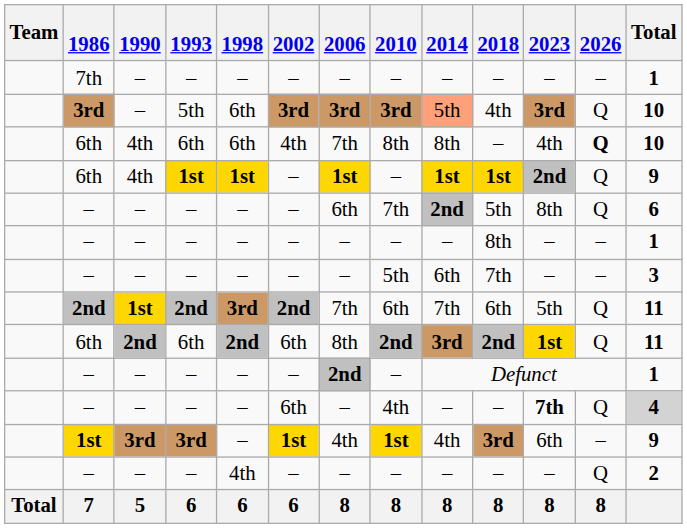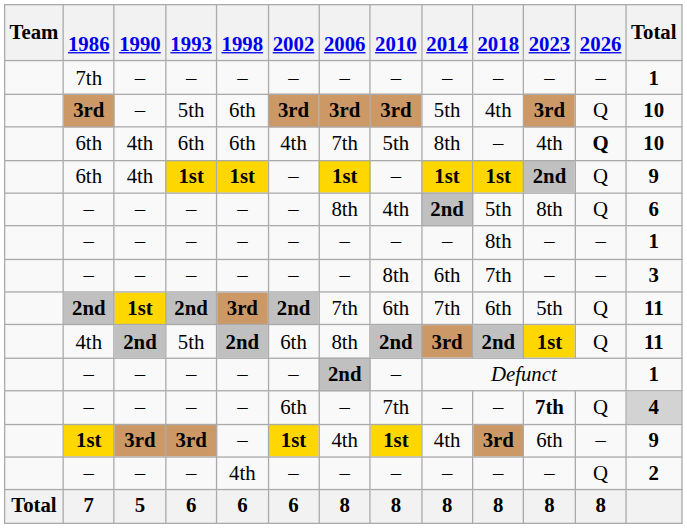 <table class="wikitable" style="text-align:center">
 <tr>
 <th>Team</th>
 <th><br><a href='#'>1986</a></th>
 <th><br><a href='#'>1990</a></th>
 <th><br><a href='#'>1993</a></th>
 <th><br><a href='#'>1998</a></th>
 <th><br><a href='#'>2002</a></th>
 <th><br><a href='#'>2006</a></th>
 <th><br><a href='#'>2010</a></th>
 <th><br><a href='#'>2014</a></th>
 <th><br><a href='#'>2018</a></th>
 <th><br><a href='#'>2023</a></th>
 <th><br><a href='#'>2026</a></th>
 <th>Total</th>
 </tr>
 <tr>
 <td align=left></td>
 <td>7th</td>
 <td>–</td>
 <td>–</td>
 <td>–</td>
 <td>–</td>
 <td>–</td>
 <td>–</td>
 <td>–</td>
 <td>–</td>
 <td>–</td>
 <td>–</td>
 <td><strong>1</strong></td>
 </tr>
 <tr>
 <td align=left></td>
 <td bgcolor=cc9966><strong>3rd</strong></td>
 <td>–</td>
 <td>5th</td>
 <td>6th</td>
 <td bgcolor=cc9966><strong>3rd</strong></td>
 <td bgcolor=cc9966><strong>3rd</strong></td>
 <td bgcolor=cc9966><strong>3rd</strong></td>
-<td style="background: lightsalmon;">5th</td>
+<td>5th</td>
 <td>4th</td>
 <td bgcolor=cc9966><strong>3rd</strong></td>
 <td>Q</td>
 <td><strong>10</strong></td>
 </tr>
 <tr>
 <td align=left></td>
 <td>6th</td>
 <td>4th</td>
 <td>6th</td>
 <td>6th</td>
 <td>4th</td>
 <td>7th</td>
-<td>8th</td>
+<td>5th</td>
 <td>8th</td>
 <td>–</td>
 <td>4th</td>
 <td><strong>Q</strong></td>
 <td><strong>10</strong></td>
 </tr>
 <tr>
 <td align=left></td>
 <td>6th</td>
 <td>4th</td>
 <td bgcolor=gold><strong>1st</strong></td>
 <td bgcolor=gold><strong>1st</strong></td>
 <td>–</td>
 <td bgcolor=gold><strong>1st</strong></td>
 <td>–</td>
 <td bgcolor=gold><strong>1st</strong></td>
 <td bgcolor=gold><strong>1st</strong></td>
 <td bgcolor=silver><strong>2nd</strong></td>
 <td>Q</td>
 <td><strong>9</strong></td>
 </tr>
 <tr>
 <td align=left></td>
 <td>–</td>
 <td>–</td>
 <td>–</td>
 <td>–</td>
 <td>–</td>
-<td>6th</td>
-<td>7th</td>
+<td>8th</td>
+<td>4th</td>
 <td bgcolor=silver><strong>2nd</strong></td>
 <td>5th</td>
 <td>8th</td>
 <td>Q</td>
 <td><strong>6</strong></td>
 </tr>
 <tr>
 <td align=left></td>
 <td>–</td>
 <td>–</td>
 <td>–</td>
 <td>–</td>
 <td>–</td>
 <td>–</td>
 <td>–</td>
 <td>–</td>
 <td>8th</td>
 <td>–</td>
 <td>–</td>
 <td><strong>1</strong></td>
 </tr>
 <tr>
 <td align=left></td>
 <td>–</td>
 <td>–</td>
 <td>–</td>
 <td>–</td>
 <td>–</td>
 <td>–</td>
-<td>5th</td>
+<td>8th</td>
 <td>6th</td>
 <td>7th</td>
 <td>–</td>
 <td>–</td>
 <td><strong>3</strong></td>
 </tr>
 <tr>
 <td align=left></td>
 <td bgcolor=silver><strong>2nd</strong></td>
 <td bgcolor=gold><strong>1st</strong></td>
 <td bgcolor=silver><strong>2nd</strong></td>
 <td bgcolor=cc9966><strong>3rd</strong></td>
 <td bgcolor=silver><strong>2nd</strong></td>
 <td>7th</td>
 <td>6th</td>
 <td>7th</td>
 <td>6th</td>
 <td>5th</td>
 <td>Q</td>
 <td><strong>11</strong></td>
 </tr>
 <tr>
 <td align=left></td>
-<td>6th</td>
+<td>4th</td>
 <td bgcolor=silver><strong>2nd</strong></td>
-<td>6th</td>
+<td>5th</td>
 <td bgcolor=silver><strong>2nd</strong></td>
 <td>6th</td>
 <td>8th</td>
 <td bgcolor=silver><strong>2nd</strong></td>
 <td bgcolor=cc9966><strong>3rd</strong></td>
 <td bgcolor=silver><strong>2nd</strong></td>
 <td bgcolor=gold><strong>1st</strong></td>
 <td>Q</td>
 <td><strong>11</strong></td>
 </tr>
 <tr>
 <td align=left></td>
 <td>–</td>
 <td>–</td>
 <td>–</td>
 <td>–</td>
 <td>–</td>
 <td bgcolor=silver><strong>2nd</strong></td>
 <td>–</td>
 <td colspan=4><em>Defunct</em></td>
 <td><strong>1</strong></td>
 </tr>
 <tr>
 <td align=left></td>
 <td>–</td>
 <td>–</td>
 <td>–</td>
 <td>–</td>
 <td>6th</td>
 <td>–</td>
-<td>4th</td>
+<td>7th</td>
 <td>–</td>
 <td>–</td>
 <td><strong>7th</strong></td>
 <td>Q</td>
 <td style="background: lightgrey;"><strong>4</strong></td>
 </tr>
 <tr>
 <td align=left></td>
 <td bgcolor=gold><strong>1st</strong></td>
 <td bgcolor=cc9966><strong>3rd</strong></td>
 <td bgcolor=cc9966><strong>3rd</strong></td>
 <td>–</td>
 <td bgcolor=gold><strong>1st</strong></td>
 <td>4th</td>
 <td bgcolor=gold><strong>1st</strong></td>
 <td>4th</td>
 <td bgcolor=cc9966><strong>3rd</strong></td>
 <td>6th</td>
 <td>–</td>
 <td><strong>9</strong></td>
 </tr>
 <tr>
 <td align=left></td>
 <td>–</td>
 <td>–</td>
 <td>–</td>
 <td>4th</td>
 <td>–</td>
 <td>–</td>
 <td>–</td>
 <td>–</td>
 <td>–</td>
 <td>–</td>
 <td>Q</td>
 <td><strong>2</strong></td>
 </tr>
 <tr>
 <th>Total</th>
 <th>7</th>
 <th>5</th>
 <th>6</th>
 <th>6</th>
 <th>6</th>
 <th>8</th>
 <th>8</th>
 <th>8</th>
 <th>8</th>
 <th>8</th>
 <th>8</th>
 <th></th>
 </tr>
 </table>
